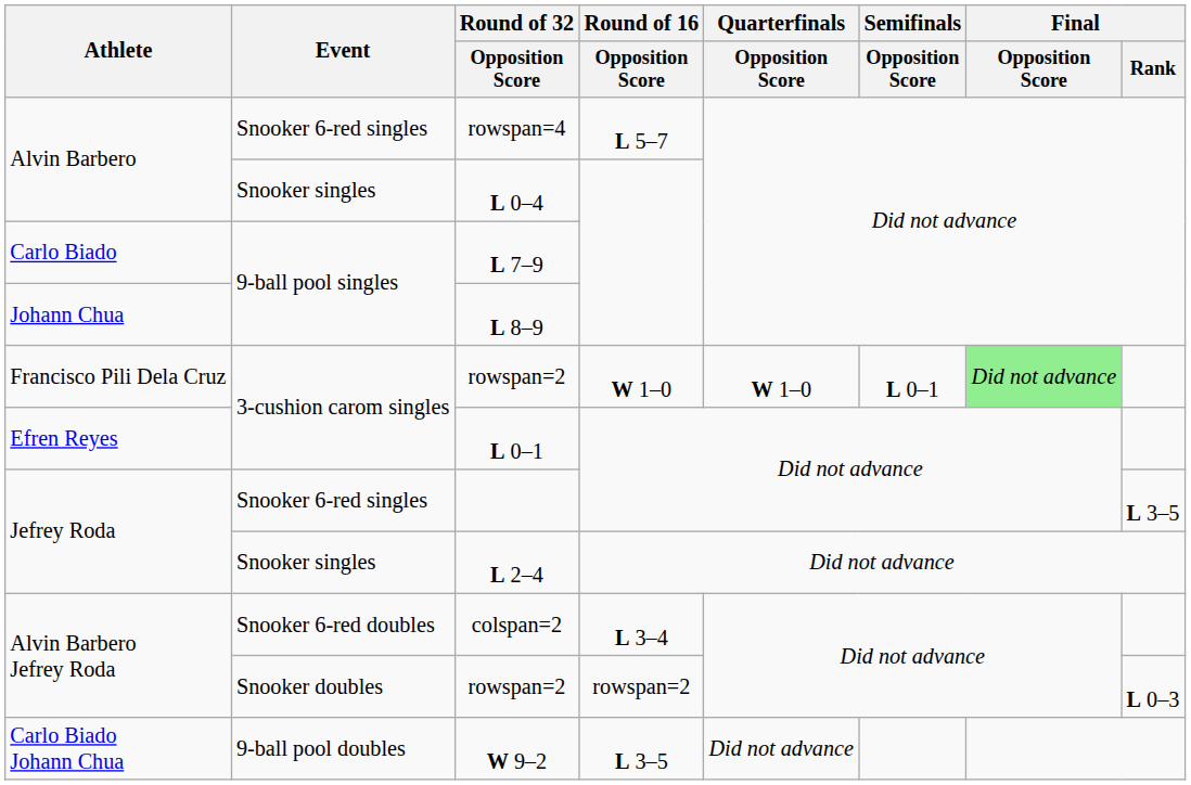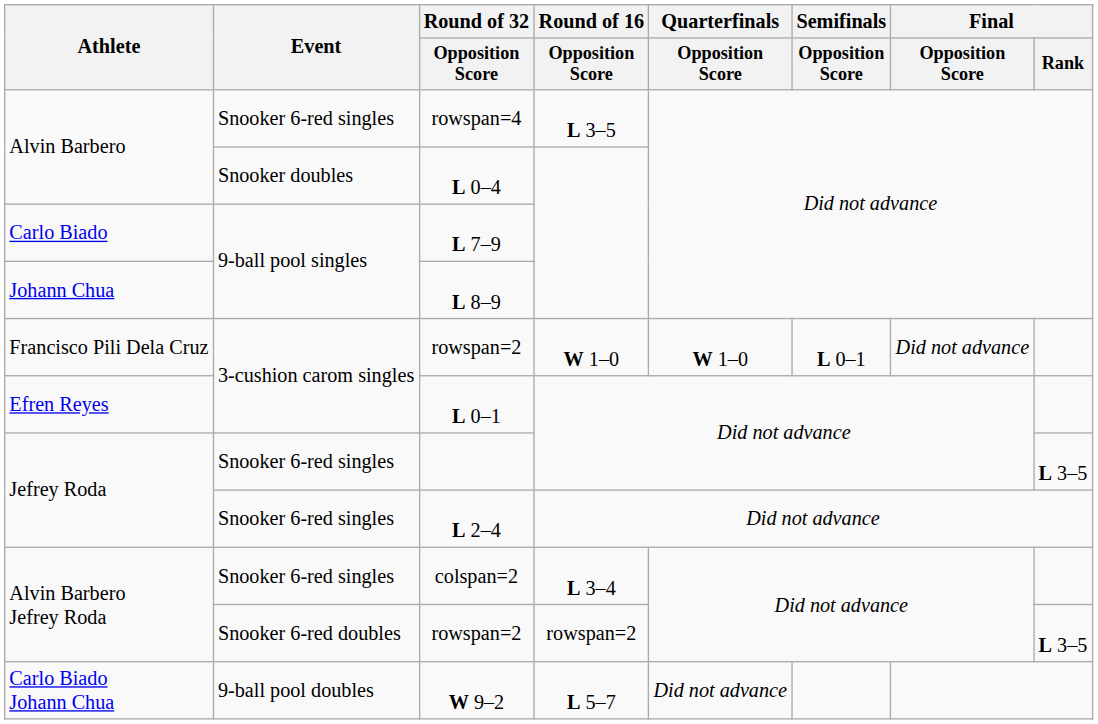 <table class="wikitable" style="font-size:95%">
 <tr>
 <th rowspan=2>Athlete</th>
 <th rowspan=2>Event</th>
 <th>Round of 32</th>
 <th>Round of 16</th>
 <th>Quarterfinals</th>
 <th>Semifinals</th>
 <th colspan=2>Final</th>
 </tr>
 <tr style="font-size:90%">
 <th>Opposition<br>Score</th>
 <th>Opposition<br>Score</th>
 <th>Opposition<br>Score</th>
 <th>Opposition<br>Score</th>
 <th>Opposition<br>Score</th>
 <th>Rank</th>
 </tr>
 <tr align=center>
 <td align=left rowspan=2>Alvin Barbero</td>
 <td align=left>Snooker 6-red singles</td>
 <td>rowspan=4 </td>
-<td><br><strong>L</strong> 5–7</td>
+<td><br><strong>L</strong> 3–5</td>
 <td colspan=4 rowspan=4><em>Did not advance</em></td>
 </tr>
 <tr align=center>
-<td align=left>Snooker singles</td>
+<td align=left>Snooker doubles</td>
 <td><br><strong>L</strong> 0–4</td>
 </tr>
 <tr align=center>
 <td align=left><a href='#'>Carlo Biado</a></td>
 <td align=left rowspan=2>9-ball pool singles</td>
 <td><br><strong>L</strong> 7–9</td>
 </tr>
 <tr align=center>
 <td align=left><a href='#'>Johann Chua</a></td>
 <td><br><strong>L</strong> 8–9</td>
 </tr>
 <tr align=center>
 <td align=left>Francisco Pili Dela Cruz</td>
 <td align=left rowspan=2>3-cushion carom singles</td>
 <td>rowspan=2 </td>
 <td><br><strong>W</strong> 1–0</td>
 <td><br><strong>W</strong> 1–0</td>
 <td><br><strong>L</strong> 0–1</td>
-<td style="background: lightgreen;"><em>Did not advance</em></td>
+<td><em>Did not advance</em></td>
 <td></td>
 </tr>
 <tr align=center>
 <td align=left><a href='#'>Efren Reyes</a></td>
 <td><br><strong>L</strong> 0–1</td>
 <td colspan=4 rowspan=2><em>Did not advance</em></td>
 </tr>
 <tr align=center>
 <td align=left rowspan=2>Jefrey Roda</td>
 <td align=left>Snooker 6-red singles</td>
 <td></td>
 <td><br><strong>L</strong> 3–5</td>
 </tr>
 <tr align=center>
-<td align=left>Snooker singles</td>
+<td align=left>Snooker 6-red singles</td>
 <td><br><strong>L</strong> 2–4</td>
 <td colspan=5><em>Did not advance</em></td>
 </tr>
 <tr align=center>
 <td align=left rowspan=2>Alvin Barbero<br>Jefrey Roda</td>
-<td align=left>Snooker 6-red doubles</td>
+<td align=left>Snooker 6-red singles</td>
 <td>colspan=2 </td>
 <td><br><strong>L</strong> 3–4</td>
 <td colspan=3 rowspan=2><em>Did not advance</em></td>
 </tr>
 <tr align=center>
-<td align=left>Snooker doubles</td>
+<td align=left>Snooker 6-red doubles</td>
 <td>rowspan=2 </td>
 <td>rowspan=2 </td>
-<td><br><strong>L</strong> 0–3</td>
+<td><br><strong>L</strong> 3–5</td>
 </tr>
 <tr align=center>
 <td align=left><a href='#'>Carlo Biado</a><br><a href='#'>Johann Chua</a></td>
 <td align=left>9-ball pool doubles</td>
 <td><br><strong>W</strong> 9–2</td>
-<td><br><strong>L</strong> 3–5</td>
+<td><br><strong>L</strong> 5–7</td>
 <td><em>Did not advance</em></td>
 <td></td>
 </tr>
 </table>
